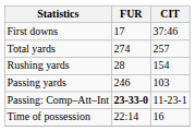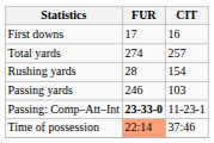 <table class="wikitable" style="float: left;">
 <tr>
 <th>Statistics</th>
 <th>FUR</th>
 <th>CIT</th>
 </tr>
 <tr>
 <td>First downs</td>
 <td>17</td>
-<td>37:46</td>
+<td>16</td>
 </tr>
 <tr>
 <td>Total yards</td>
 <td>274</td>
 <td>257</td>
 </tr>
 <tr>
 <td>Rushing yards</td>
 <td>28</td>
 <td>154</td>
 </tr>
 <tr>
 <td>Passing yards</td>
 <td>246</td>
 <td>103</td>
 </tr>
 <tr>
 <td>Passing: Comp–Att–Int</td>
 <td><strong>23-33-0</strong></td>
 <td>11-23-1</td>
 </tr>
 <tr>
 <td>Time of possession</td>
-<td>22:14</td>
-<td>16</td>
+<td style="background: lightsalmon;">22:14</td>
+<td>37:46</td>
 </tr>
 <tr>
 </tr>
 </table>
